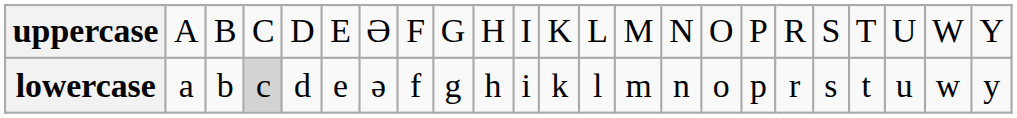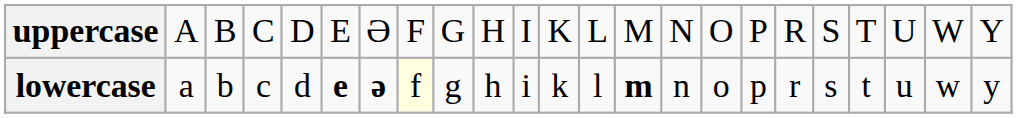 <table class="wikitable" style="text-align: center; vertical-align: middle;">
 <tr ---->
 <th>uppercase</th>
 <td>A</td>
 <td>B</td>
 <td>C</td>
 <td>D</td>
 <td>E</td>
 <td>Ə</td>
 <td>F</td>
 <td>G</td>
 <td>H</td>
 <td>I</td>
 <td>K</td>
 <td>L</td>
 <td>M</td>
 <td>N</td>
 <td>O</td>
 <td>P</td>
 <td>R</td>
 <td>S</td>
 <td>T</td>
 <td>U</td>
 <td>W</td>
 <td>Y</td>
 </tr>
 <tr ---->
 <th>lowercase</th>
 <td>a</td>
 <td>b</td>
-<td style="background: lightgrey;">c</td>
+<td>c</td>
 <td>d</td>
-<td>e</td>
-<td>ə</td>
-<td>f</td>
+<td><strong>e</strong></td>
+<td><strong>ə</strong></td>
+<td style="background: lightyellow;">f</td>
 <td>g</td>
 <td>h</td>
 <td>i</td>
 <td>k</td>
 <td>l</td>
-<td>m</td>
+<td><strong>m</strong></td>
 <td>n</td>
 <td>o</td>
 <td>p</td>
 <td>r</td>
 <td>s</td>
 <td>t</td>
 <td>u</td>
 <td>w</td>
 <td>y</td>
 </tr>
 </table>
